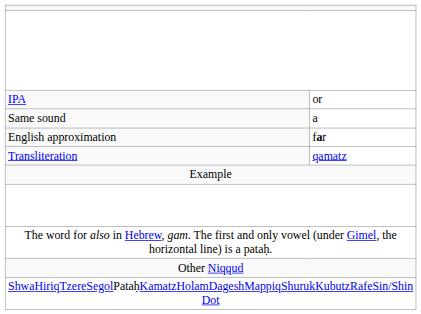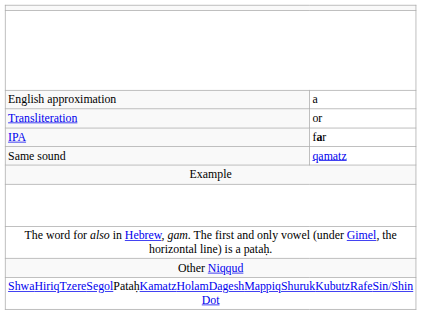 <table align="right" class="wikitable">
 <tr>
 <td colspan="2" style="text-align:center;"><strong><em></em></strong></td>
 </tr>
 <tr>
 <td colspan="2" align="center" style="background:white;height:100px"></td>
 </tr>
 <tr>
-<td><a href='#'>IPA</a></td>
+<td>English approximation</td>
+<td style="background:white">a</td>
+</tr>
+<tr>
+<td><a href='#'>Transliteration</a></td>
 <td style="background:white"> or </td>
 </tr>
 <tr>
-<td>Same sound</td>
-<td style="background:white">a</td>
-</tr>
-<tr>
-<td>English approximation</td>
+<td><a href='#'>IPA</a></td>
 <td style="background:white">f<strong>a</strong>r</td>
 </tr>
 <tr>
-<td><a href='#'>Transliteration</a></td>
+<td>Same sound</td>
 <td style="background:white"><a href='#'>qamatz</a></td>
 </tr>
 <tr>
 <td colspan="2" style="text-align:center;">Example</td>
 </tr>
 <tr>
 <td colspan="2" align="center" style="background:white;height:50px"></td>
 </tr>
 <tr>
 <td colspan="2" style="width:250px; background:white; text-align:center;">The word for <em>also</em> in <a href='#'>Hebrew</a>, <em>gam</em>. The first and only vowel (under <a href='#'>Gimel</a>, the horizontal line) is a pataḥ.</td>
 </tr>
 <tr>
 <td colspan="2" style="text-align:center;">Other <a href='#'>Niqqud</a></td>
 </tr>
 <tr>
 <td colspan="2" style="width:250px; background:white; text-align:center;"><a href='#'>Shwa</a><a href='#'>Hiriq</a><a href='#'>Tzere</a><a href='#'>Segol</a>Pataḥ<a href='#'>Kamatz</a><a href='#'>Holam</a><a href='#'>Dagesh</a><a href='#'>Mappiq</a><a href='#'>Shuruk</a><a href='#'>Kubutz</a><a href='#'>Rafe</a><a href='#'>Sin/Shin Dot</a></td>
 </tr>
 </table>
